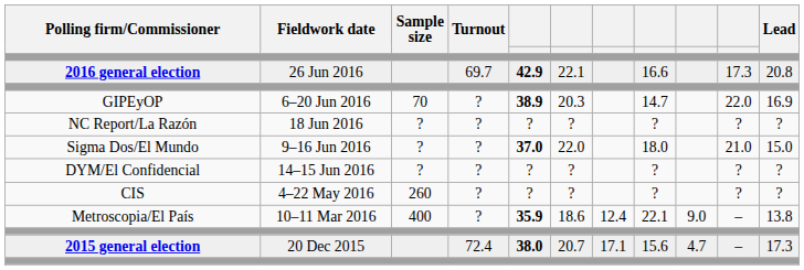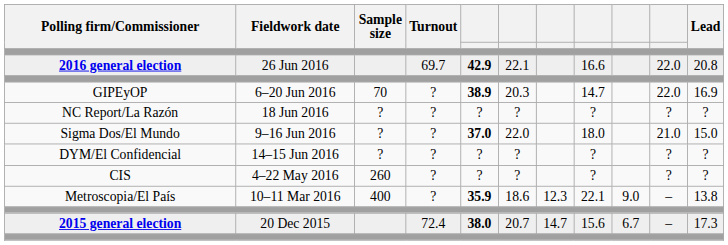 <table class="wikitable collapsible collapsed" style="text-align:center; font-size:95%; line-height:16px;">
 <tr style="height:42px; background-color:#E9E9E9">
 <th style="width:250px;" rowspan="2">Polling firm/Commissioner</th>
 <th style="width:125px;" rowspan="2">Fieldwork date</th>
 <th style="width:50px;" rowspan="2">Sample size</th>
 <th style="width:45px;" rowspan="2">Turnout</th>
 <th style="width:35px;"></th>
 <th style="width:35px;"></th>
 <th style="width:35px;"></th>
 <th style="width:35px;"></th>
 <th style="width:35px;"></th>
 <th style="width:35px;"></th>
 <th style="width:30px;" rowspan="2">Lead</th>
 </tr>
 <tr>
 <th style="color:inherit;background:"></th>
 <th style="color:inherit;background:"></th>
 <th style="color:inherit;background:"></th>
 <th style="color:inherit;background:"></th>
 <th style="color:inherit;background:"></th>
 <th style="color:inherit;background:"></th>
 </tr>
 <tr>
 <td colspan="11" style="background:#A0A0A0"></td>
 </tr>
 <tr style="background:#EFEFEF;">
 <td><strong><a href='#'>2016 general election</a></strong></td>
 <td>26 Jun 2016</td>
 <td></td>
 <td>69.7</td>
 <td><strong>42.9</strong><br></td>
 <td>22.1<br></td>
 <td></td>
 <td>16.6<br></td>
 <td></td>
-<td>17.3<br></td>
+<td>22.0<br></td>
 <td style="background:">20.8</td>
 </tr>
 <tr>
 <td colspan="11" style="background:#A0A0A0"></td>
 </tr>
 <tr>
 <td>GIPEyOP</td>
 <td>6–20 Jun 2016</td>
 <td>70</td>
 <td>?</td>
 <td><strong>38.9</strong><br></td>
 <td>20.3<br></td>
 <td></td>
 <td>14.7<br></td>
 <td></td>
 <td>22.0<br></td>
 <td style="background:">16.9</td>
 </tr>
 <tr>
 <td>NC Report/La Razón</td>
 <td>18 Jun 2016</td>
 <td>?</td>
 <td>?</td>
 <td>?<br></td>
 <td>?<br></td>
 <td></td>
 <td>?<br></td>
 <td></td>
 <td>?<br></td>
 <td style="background:">?</td>
 </tr>
 <tr>
 <td>Sigma Dos/El Mundo</td>
 <td>9–16 Jun 2016</td>
 <td>?</td>
 <td>?</td>
 <td><strong>37.0</strong><br></td>
 <td>22.0<br></td>
 <td></td>
 <td>18.0<br></td>
 <td></td>
 <td>21.0<br></td>
 <td style="background:">15.0</td>
 </tr>
 <tr>
 <td>DYM/El Confidencial</td>
 <td>14–15 Jun 2016</td>
 <td>?</td>
 <td>?</td>
 <td>?<br></td>
 <td>?<br></td>
 <td></td>
 <td>?<br></td>
 <td></td>
 <td>?<br></td>
 <td style="background:">?</td>
 </tr>
 <tr>
 <td>CIS</td>
 <td>4–22 May 2016</td>
 <td>260</td>
 <td>?</td>
 <td>?<br></td>
 <td>?<br></td>
 <td></td>
 <td>?<br></td>
 <td></td>
 <td>?<br></td>
 <td style="background:">?</td>
 </tr>
 <tr>
 <td>Metroscopia/El País</td>
 <td>10–11 Mar 2016</td>
 <td>400</td>
 <td>?</td>
 <td><strong>35.9</strong><br></td>
 <td>18.6<br></td>
-<td>12.4<br></td>
+<td>12.3<br></td>
 <td>22.1<br></td>
 <td>9.0<br></td>
 <td>–</td>
 <td style="background:">13.8</td>
 </tr>
 <tr>
 <td colspan="11" style="background:#A0A0A0"></td>
 </tr>
 <tr style="background:#EFEFEF;">
 <td><strong><a href='#'>2015 general election</a></strong></td>
 <td>20 Dec 2015</td>
 <td></td>
 <td>72.4</td>
 <td><strong>38.0</strong><br></td>
 <td>20.7<br></td>
-<td>17.1<br></td>
+<td>14.7<br></td>
 <td>15.6<br></td>
-<td>4.7<br></td>
+<td>6.7<br></td>
 <td>–</td>
 <td style="background:">17.3</td>
 </tr>
 <tr>
 <td colspan="11" style="background:#A0A0A0"></td>
 </tr>
 </table>
